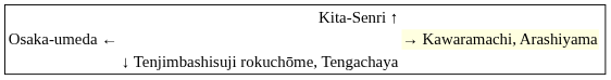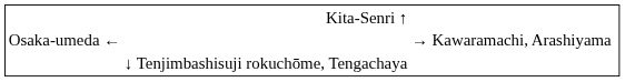 <table style="border:1px solid black;">
 <tr>
 <td></td>
 <td align=right>Kita-Senri ↑</td>
 <td></td>
 <td></td>
 </tr>
 <tr>
 <td valign=middle>Osaka-umeda ←</td>
 <td></td>
-<td valign=bottom style="background: lightyellow;">→ Kawaramachi, Arashiyama</td>
+<td valign=bottom>→ Kawaramachi, Arashiyama</td>
 </tr>
 <tr>
 <td></td>
 <td align=left>↓ Tenjimbashisuji rokuchōme, Tengachaya</td>
 <td></td>
 <td></td>
 </tr>
 </table>
